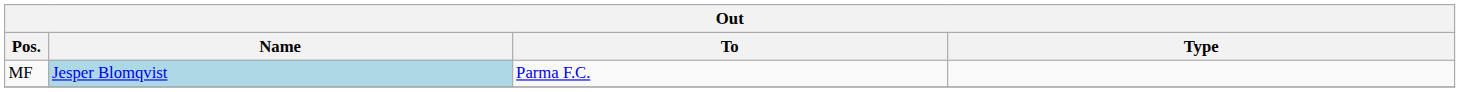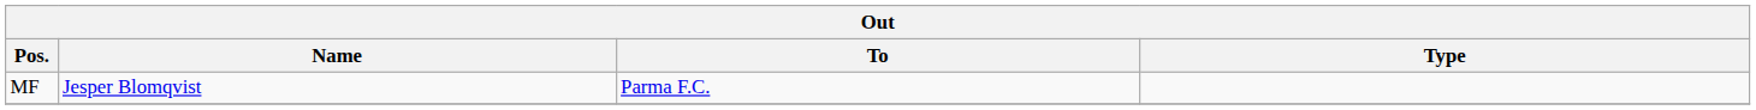 <table class="wikitable" style="font-size:90%;width:99%;">
 <tr>
 <th colspan="4">Out</th>
 </tr>
 <tr>
 <th width=3%>Pos.</th>
 <th width=32%>Name</th>
 <th width=30%>To</th>
 <th width=35%>Type</th>
 </tr>
 <tr>
 <td>MF</td>
-<td style="background: lightblue;"><a href='#'>Jesper Blomqvist</a></td>
+<td><a href='#'>Jesper Blomqvist</a></td>
 <td><a href='#'>Parma F.C.</a></td>
 <td></td>
 </tr>
 <tr>
 </tr>
 </table>
